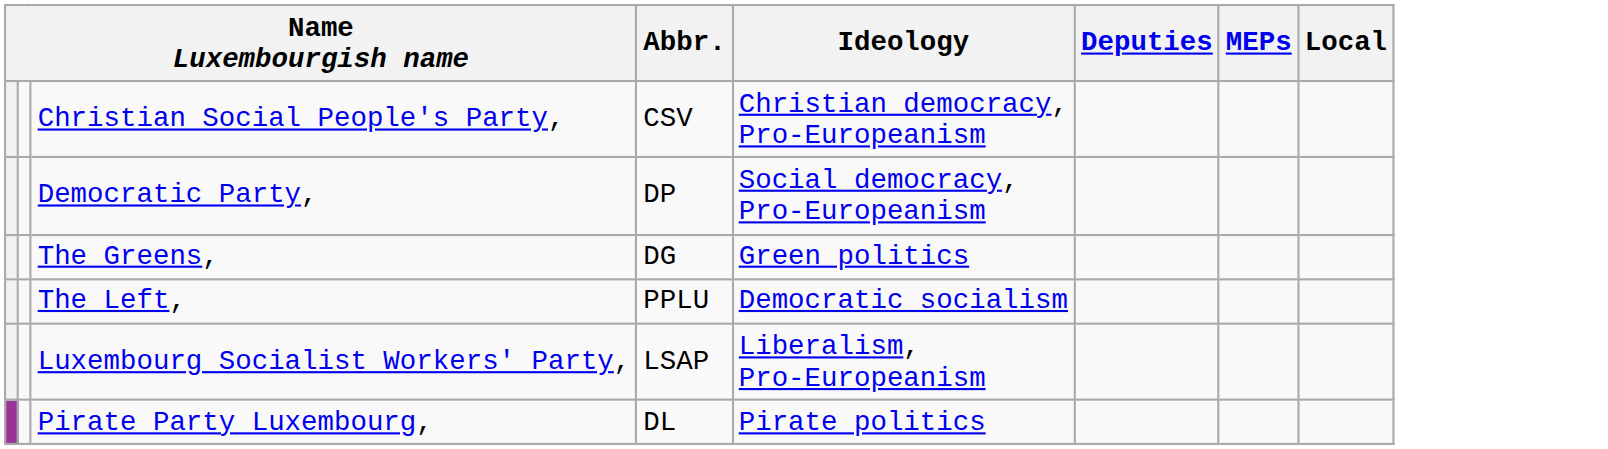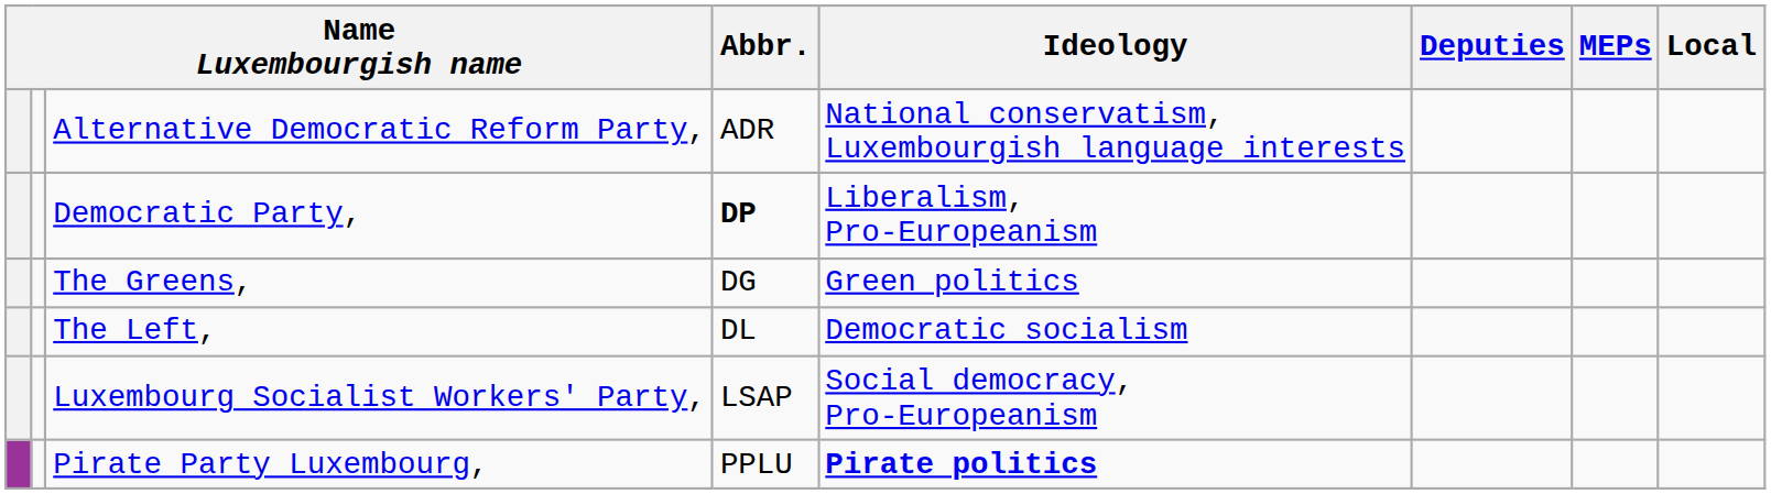 <table class="wikitable sortable">
 <tr>
 <th colspan=3>Name<br><em>Luxembourgish name</em></th>
 <th>Abbr.</th>
 <th>Ideology</th>
 <th><a href='#'>Deputies</a></th>
 <th><a href='#'>MEPs</a></th>
 <th>Local</th>
 </tr>
 <tr>
-<th style="background-color: "></th>
-<td></td>
-<td><a href='#'>Christian Social People's Party</a>,  <br></td>
-<td>CSV</td>
-<td><a href='#'>Christian democracy</a>,  <br><a href='#'>Pro-Europeanism</a></td>
+<th width=5px class=unsortable style="background-color: "></th>
+<td class=unsortable></td>
+<td><a href='#'>Alternative Democratic Reform Party</a>,  <br></td>
+<td>ADR</td>
+<td><a href='#'>National conservatism</a>,  <br> <a href='#'>Luxembourgish language interests</a></td>
 <td></td>
 <td></td>
 <td></td>
 </tr>
 <tr>
 <th style="background-color: "></th>
 <td></td>
 <td><a href='#'>Democratic Party</a>,  <br></td>
-<td>DP</td>
-<td><a href='#'>Social democracy</a>,  <br><a href='#'>Pro-Europeanism</a></td>
+<td><strong>DP</strong></td>
+<td><a href='#'>Liberalism</a>,  <br><a href='#'>Pro-Europeanism</a></td>
 <td></td>
 <td></td>
 <td></td>
 </tr>
 <tr>
 <th style="background-color: "></th>
 <td></td>
 <td><a href='#'>The Greens</a>,  <br></td>
 <td>DG</td>
 <td><a href='#'>Green politics</a></td>
 <td></td>
 <td></td>
 <td></td>
 </tr>
 <tr>
 <th style="background-color: "></th>
 <td></td>
 <td><a href='#'>The Left</a>,<br></td>
-<td>PPLU</td>
+<td>DL</td>
 <td><a href='#'>Democratic socialism</a></td>
 <td></td>
 <td></td>
 <td></td>
 </tr>
 <tr>
 <th style="background-color: "></th>
 <td></td>
 <td><a href='#'>Luxembourg Socialist Workers' Party</a>, <br></td>
 <td>LSAP</td>
-<td><a href='#'>Liberalism</a>,  <br><a href='#'>Pro-Europeanism</a></td>
+<td><a href='#'>Social democracy</a>,  <br><a href='#'>Pro-Europeanism</a></td>
 <td></td>
 <td></td>
 <td></td>
 </tr>
 <tr>
 <th style="background-color: #993399"></th>
 <td></td>
 <td><a href='#'>Pirate Party Luxembourg</a>,  <br></td>
-<td>DL</td>
-<td><a href='#'>Pirate politics</a></td>
+<td>PPLU</td>
+<td><strong><a href='#'>Pirate politics</a></strong></td>
 <td></td>
 <td></td>
 <td></td>
 </tr>
 </table>
